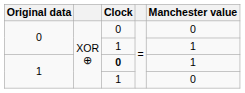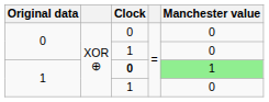 <table class="wikitable" style="text-align:center;">
 <tr>
 <th>Original data</th>
 <th></th>
 <th>Clock</th>
 <th></th>
 <th>Manchester value</th>
 </tr>
 <tr>
 <td rowspan=2>0</td>
 <td rowspan=4>XOR <br>⊕</td>
 <td>0</td>
 <td rowspan=4>=</td>
 <td>0</td>
 </tr>
 <tr>
 <td>1</td>
-<td>1</td>
+<td>0</td>
 </tr>
 <tr>
 <td rowspan=2>1</td>
 <td><strong>0</strong></td>
-<td>1</td>
+<td style="background: lightgreen;">1</td>
 </tr>
 <tr>
 <td>1</td>
 <td>0</td>
 </tr>
 </table>
